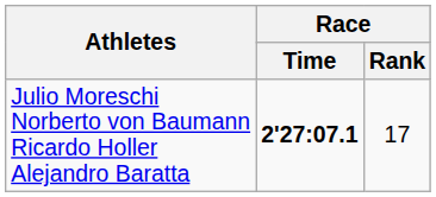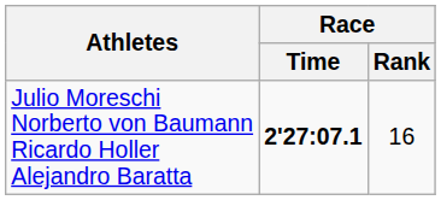 <table class="wikitable" border="1" style="font-size:90%">
 <tr>
 <th rowspan=2>Athletes</th>
 <th colspan=2>Race</th>
 </tr>
 <tr>
 <th>Time</th>
 <th>Rank</th>
 </tr>
 <tr>
 <td><a href='#'>Julio Moreschi</a><br><a href='#'>Norberto von Baumann</a><br><a href='#'>Ricardo Holler</a><br><a href='#'>Alejandro Baratta</a></td>
 <td align=center><strong>2'27:07.1</strong></td>
-<td align=center>17</td>
+<td align=center>16</td>
 </tr>
 </table>
